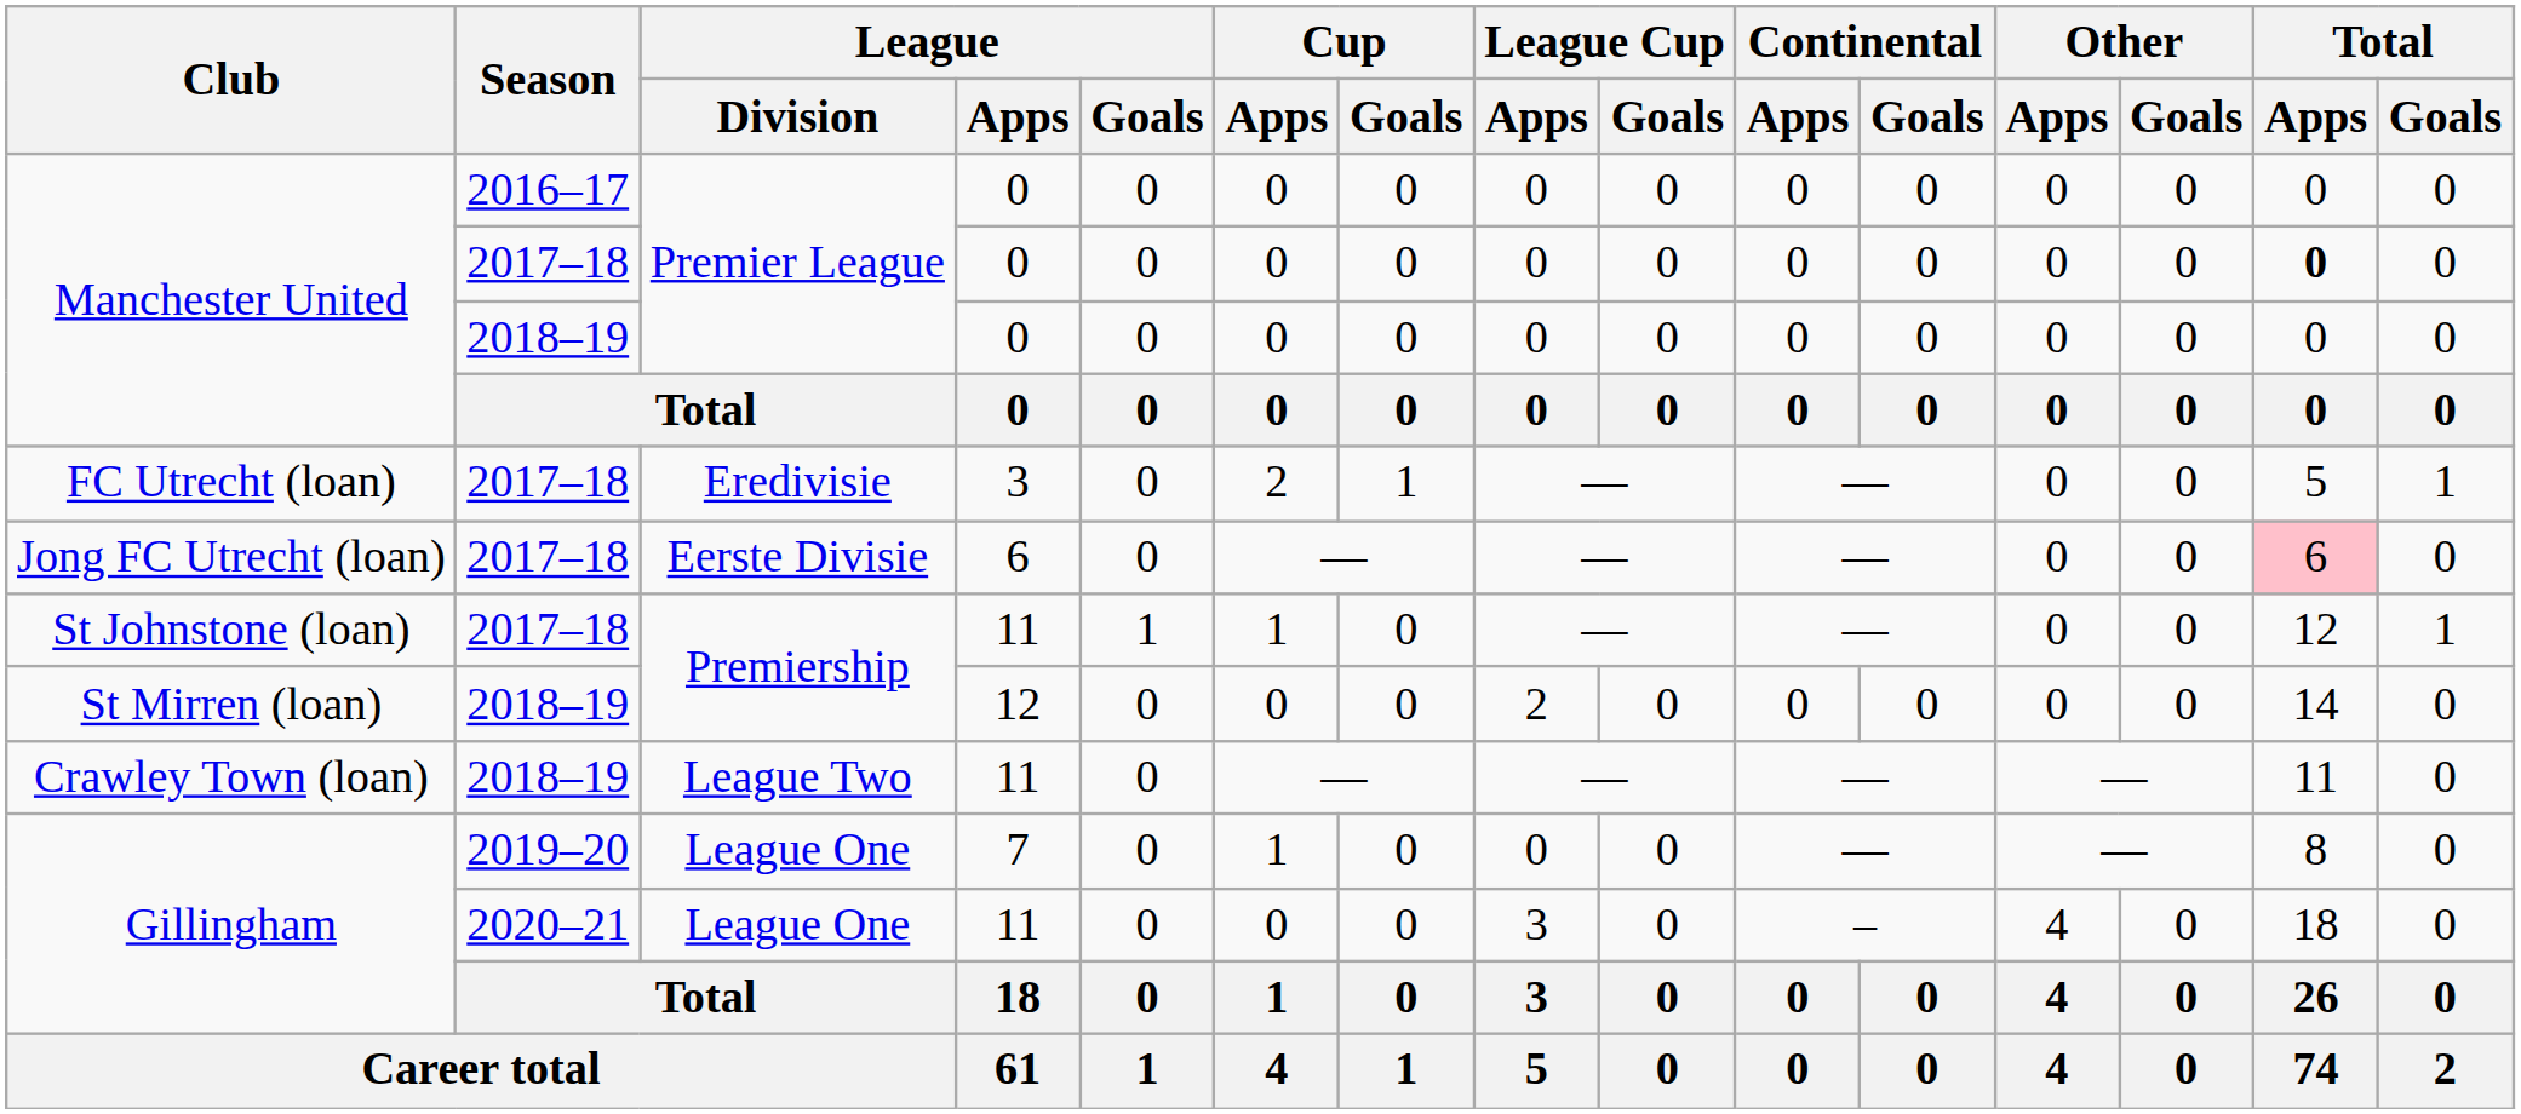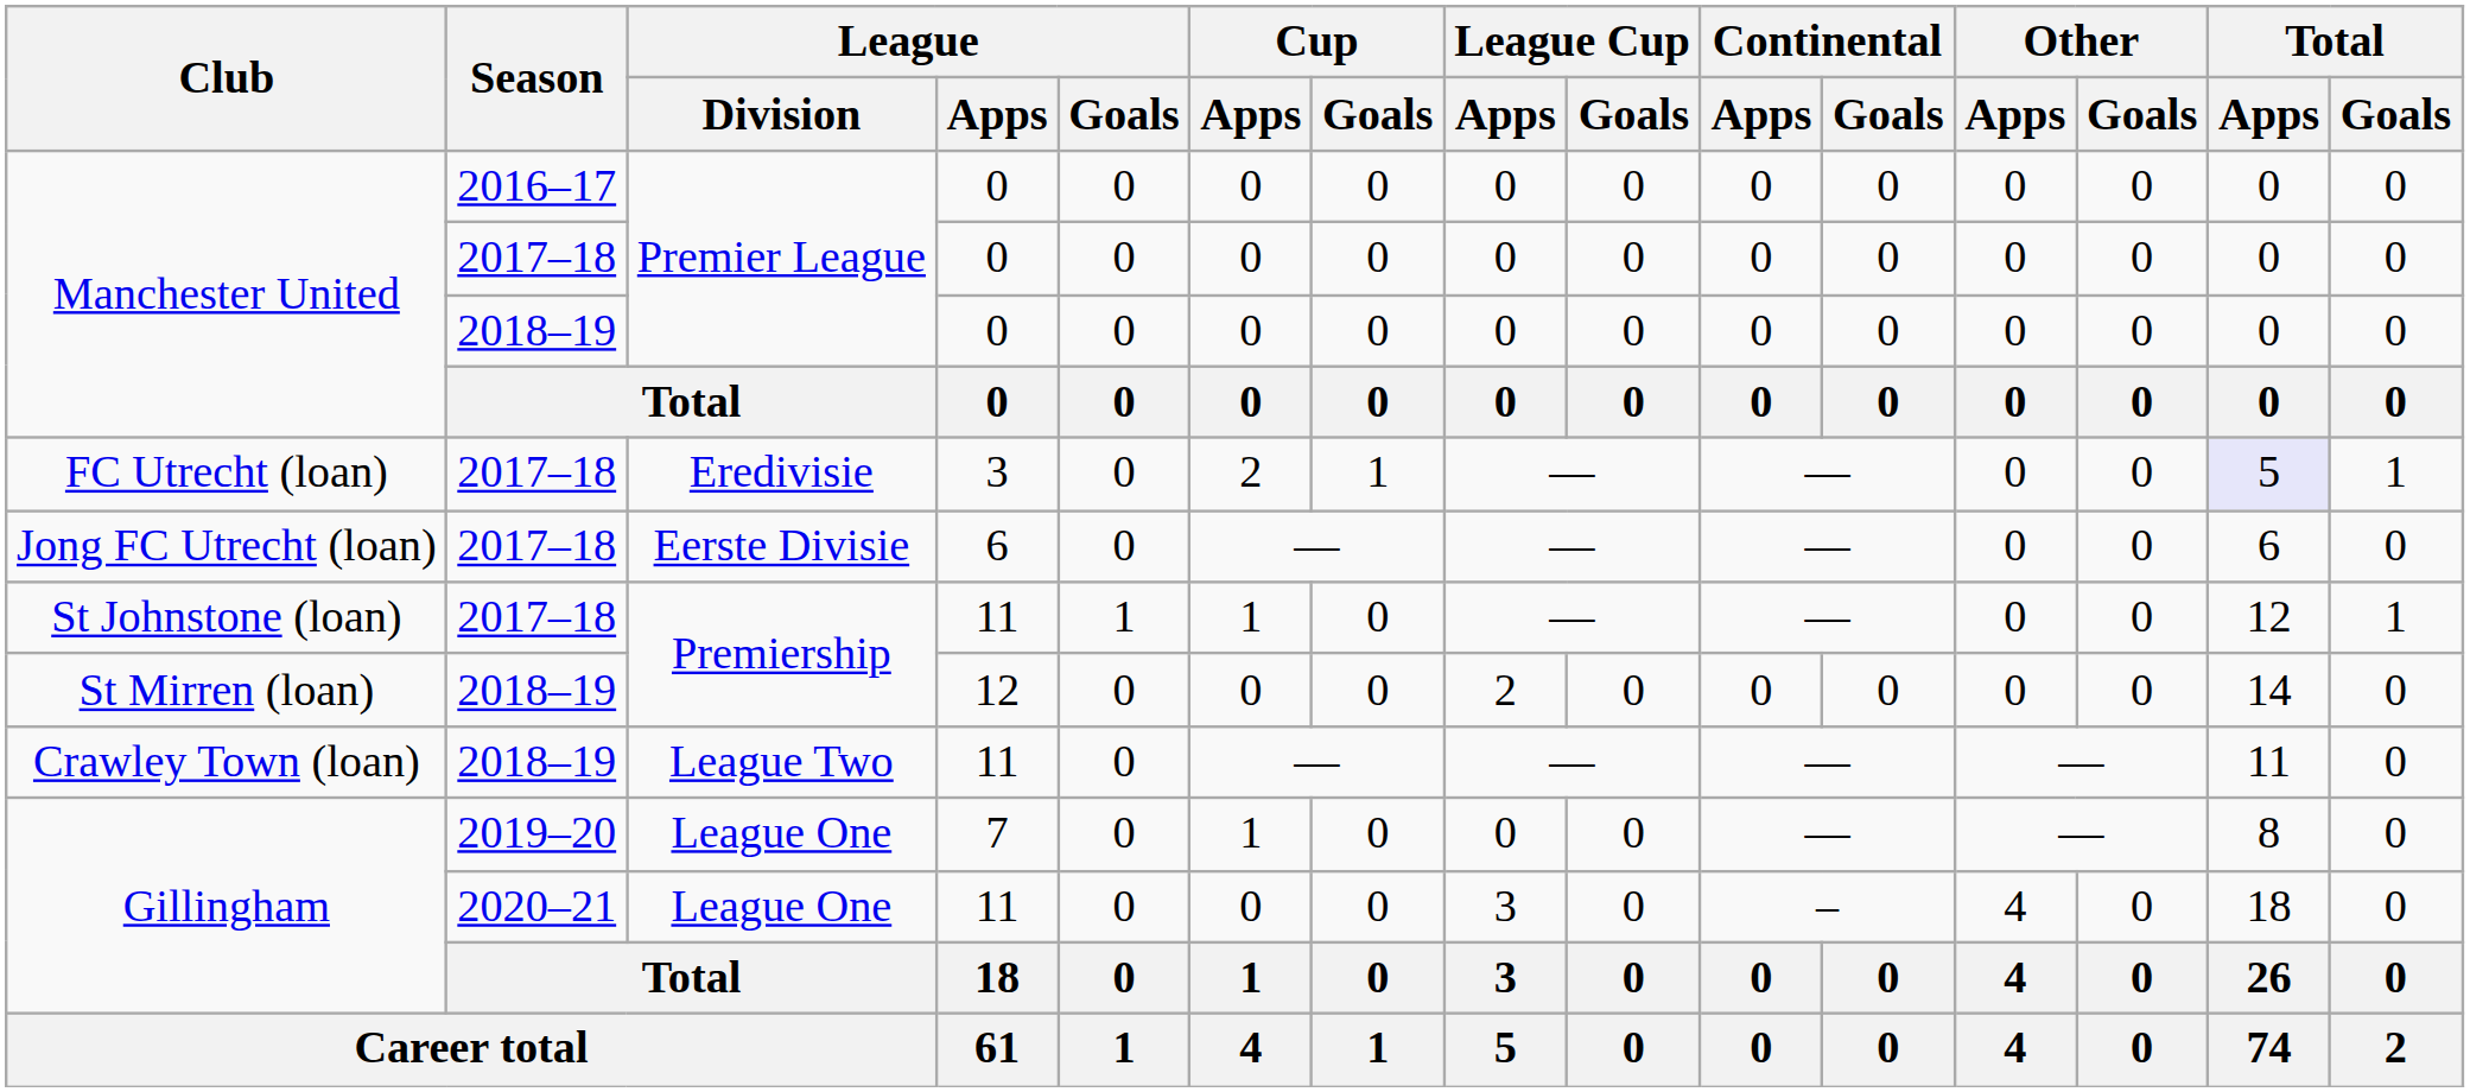 <table class="wikitable" style="text-align:center">
 <tr>
 <th rowspan="2">Club</th>
 <th rowspan="2">Season</th>
 <th colspan="3">League</th>
 <th colspan="2">Cup</th>
 <th colspan="2">League Cup</th>
 <th colspan="2">Continental</th>
 <th colspan="2">Other</th>
 <th colspan="2">Total</th>
 </tr>
 <tr>
 <th>Division</th>
 <th>Apps</th>
 <th>Goals</th>
 <th>Apps</th>
 <th>Goals</th>
 <th>Apps</th>
 <th>Goals</th>
 <th>Apps</th>
 <th>Goals</th>
 <th>Apps</th>
 <th>Goals</th>
 <th>Apps</th>
 <th>Goals</th>
 </tr>
 <tr>
 <td rowspan="4"><a href='#'>Manchester United</a></td>
 <td><a href='#'>2016–17</a></td>
 <td rowspan="3"><a href='#'>Premier League</a></td>
 <td>0</td>
 <td>0</td>
 <td>0</td>
 <td>0</td>
 <td>0</td>
 <td>0</td>
 <td>0</td>
 <td>0</td>
 <td>0</td>
 <td>0</td>
 <td>0</td>
 <td>0</td>
 </tr>
 <tr>
 <td><a href='#'>2017–18</a></td>
 <td>0</td>
 <td>0</td>
 <td>0</td>
 <td>0</td>
 <td>0</td>
 <td>0</td>
 <td>0</td>
 <td>0</td>
 <td>0</td>
 <td>0</td>
-<td><strong>0</strong></td>
+<td>0</td>
 <td>0</td>
 </tr>
 <tr>
 <td><a href='#'>2018–19</a></td>
 <td>0</td>
 <td>0</td>
 <td>0</td>
 <td>0</td>
 <td>0</td>
 <td>0</td>
 <td>0</td>
 <td>0</td>
 <td>0</td>
 <td>0</td>
 <td>0</td>
 <td>0</td>
 </tr>
 <tr>
 <th colspan="2">Total</th>
 <th>0</th>
 <th>0</th>
 <th>0</th>
 <th>0</th>
 <th>0</th>
 <th>0</th>
 <th>0</th>
 <th>0</th>
 <th>0</th>
 <th>0</th>
 <th>0</th>
 <th>0</th>
 </tr>
 <tr>
 <td><a href='#'>FC Utrecht</a> (loan)</td>
 <td><a href='#'>2017–18</a></td>
 <td><a href='#'>Eredivisie</a></td>
 <td>3</td>
 <td>0</td>
 <td>2</td>
 <td>1</td>
 <td colspan="2">—</td>
 <td colspan="2">—</td>
 <td>0</td>
 <td>0</td>
-<td>5</td>
+<td style="background: lavender;">5</td>
 <td>1</td>
 </tr>
 <tr>
 <td><a href='#'>Jong FC Utrecht</a> (loan)</td>
 <td><a href='#'>2017–18</a></td>
 <td><a href='#'>Eerste Divisie</a></td>
 <td>6</td>
 <td>0</td>
 <td colspan="2">—</td>
 <td colspan="2">—</td>
 <td colspan="2">—</td>
 <td>0</td>
 <td>0</td>
-<td style="background: pink;">6</td>
+<td>6</td>
 <td>0</td>
 </tr>
 <tr>
 <td><a href='#'>St Johnstone</a> (loan)</td>
 <td><a href='#'>2017–18</a></td>
 <td rowspan="2"><a href='#'>Premiership</a></td>
 <td>11</td>
 <td>1</td>
 <td>1</td>
 <td>0</td>
 <td colspan="2">—</td>
 <td colspan="2">—</td>
 <td>0</td>
 <td>0</td>
 <td>12</td>
 <td>1</td>
 </tr>
 <tr>
 <td><a href='#'>St Mirren</a> (loan)</td>
 <td><a href='#'>2018–19</a></td>
 <td>12</td>
 <td>0</td>
 <td>0</td>
 <td>0</td>
 <td>2</td>
 <td>0</td>
 <td>0</td>
 <td>0</td>
 <td>0</td>
 <td>0</td>
 <td>14</td>
 <td>0</td>
 </tr>
 <tr>
 <td><a href='#'>Crawley Town</a> (loan)</td>
 <td><a href='#'>2018–19</a></td>
 <td><a href='#'>League Two</a></td>
 <td>11</td>
 <td>0</td>
 <td colspan="2">—</td>
 <td colspan="2">—</td>
 <td colspan="2">—</td>
 <td colspan="2">—</td>
 <td>11</td>
 <td>0</td>
 </tr>
 <tr>
 <td rowspan="3"><a href='#'>Gillingham</a></td>
 <td><a href='#'>2019–20</a></td>
 <td><a href='#'>League One</a></td>
 <td>7</td>
 <td>0</td>
 <td>1</td>
 <td>0</td>
 <td>0</td>
 <td>0</td>
 <td colspan="2">—</td>
 <td colspan="2">—</td>
 <td>8</td>
 <td>0</td>
 </tr>
 <tr>
 <td><a href='#'>2020–21</a></td>
 <td><a href='#'>League One</a></td>
 <td>11</td>
 <td>0</td>
 <td>0</td>
 <td>0</td>
 <td>3</td>
 <td>0</td>
 <td colspan="2">–</td>
 <td>4</td>
 <td>0</td>
 <td>18</td>
 <td>0</td>
 </tr>
 <tr>
 <th colspan="2">Total</th>
 <th>18</th>
 <th>0</th>
 <th>1</th>
 <th>0</th>
 <th>3</th>
 <th>0</th>
 <th>0</th>
 <th>0</th>
 <th>4</th>
 <th>0</th>
 <th>26</th>
 <th>0</th>
 </tr>
 <tr>
 <th colspan="3">Career total</th>
 <th>61</th>
 <th>1</th>
 <th>4</th>
 <th>1</th>
 <th>5</th>
 <th>0</th>
 <th>0</th>
 <th>0</th>
 <th>4</th>
 <th>0</th>
 <th>74</th>
 <th>2</th>
 </tr>
 </table>
